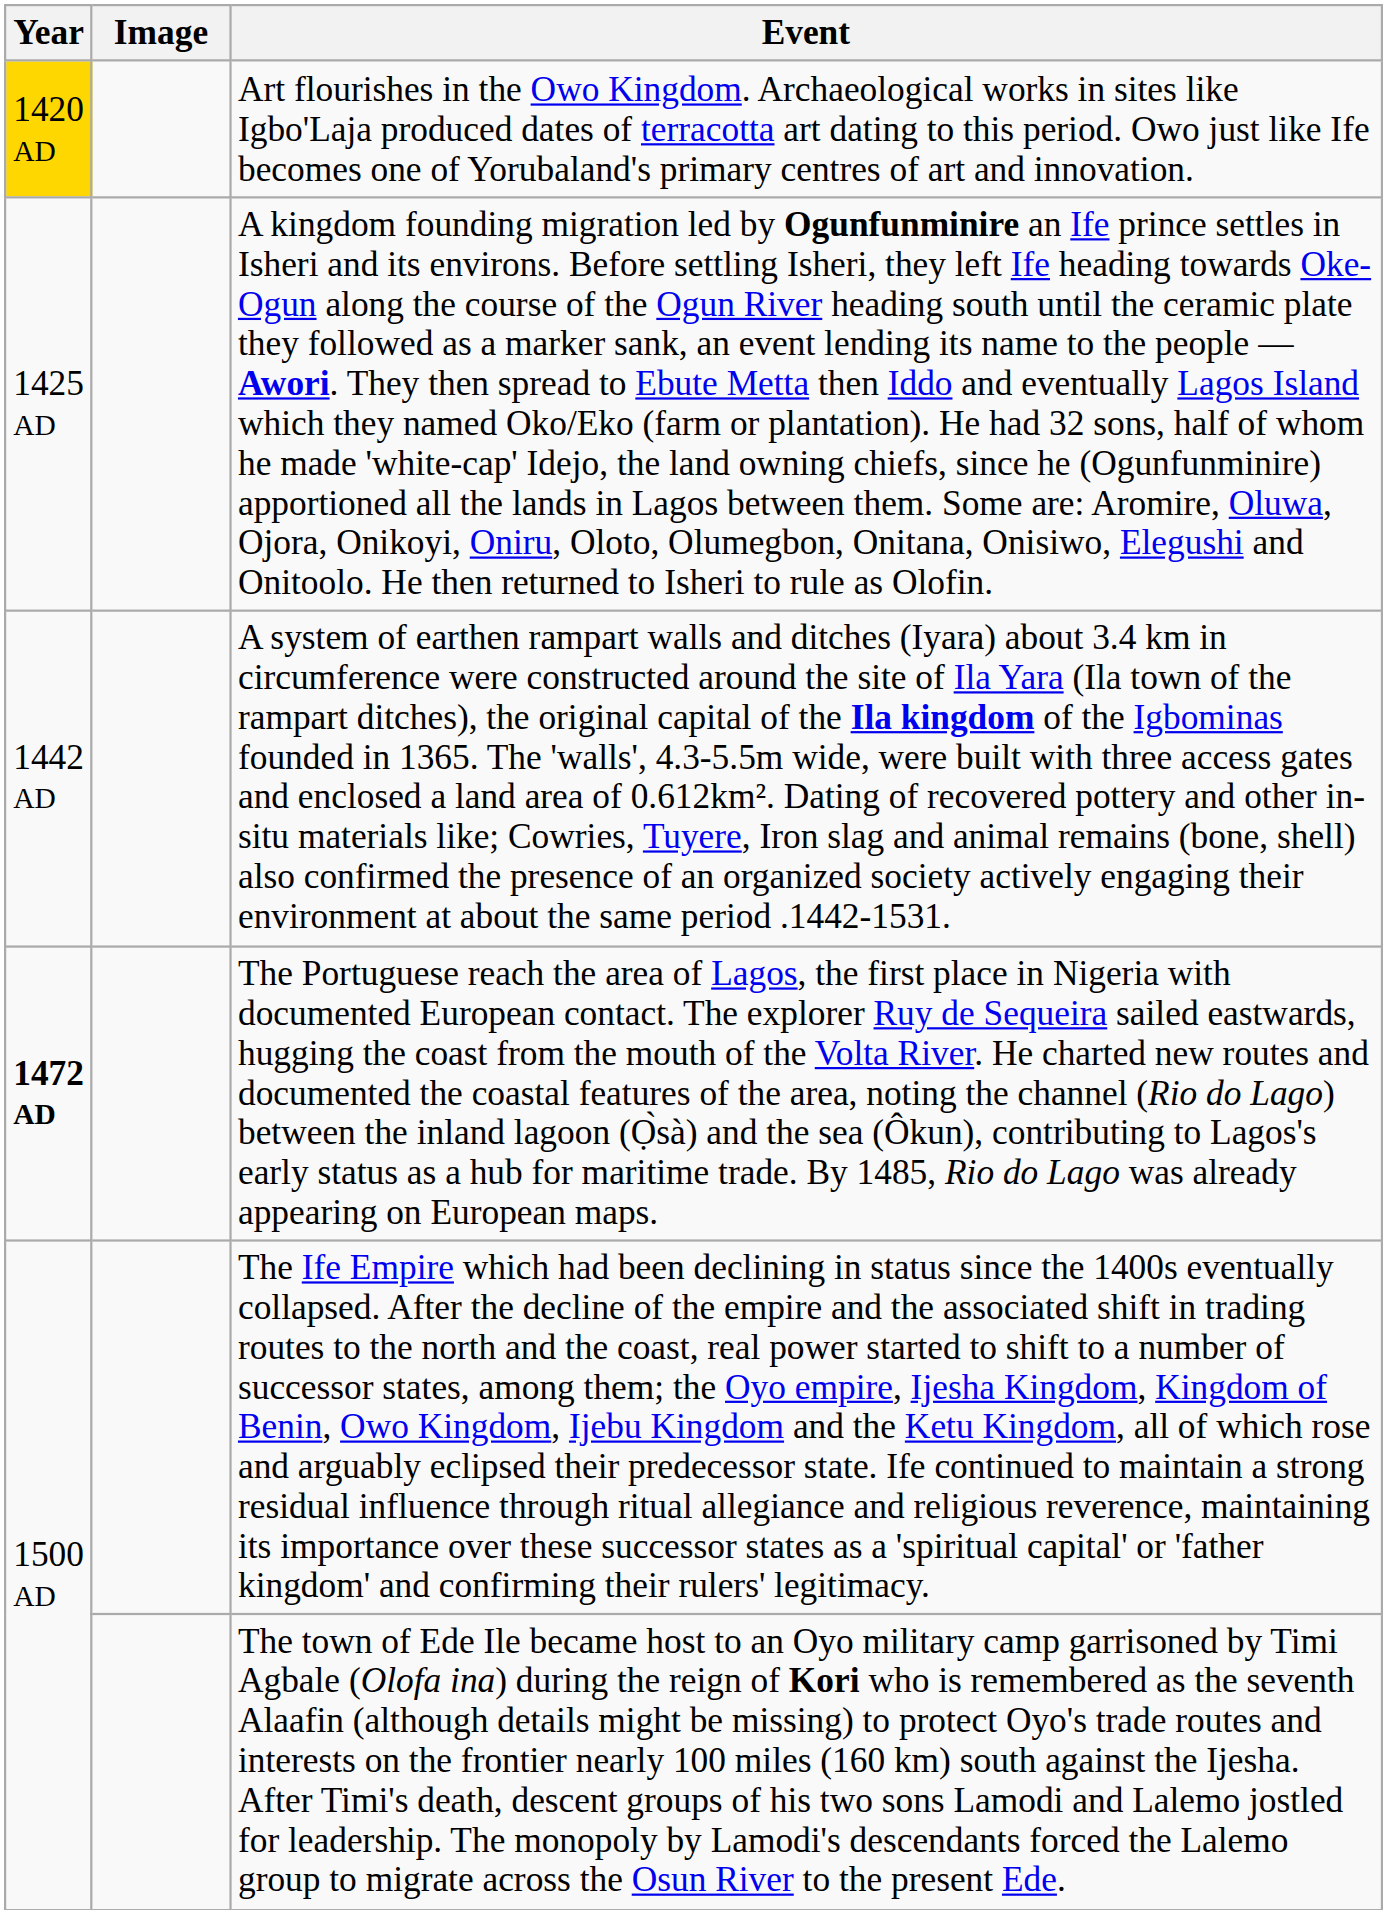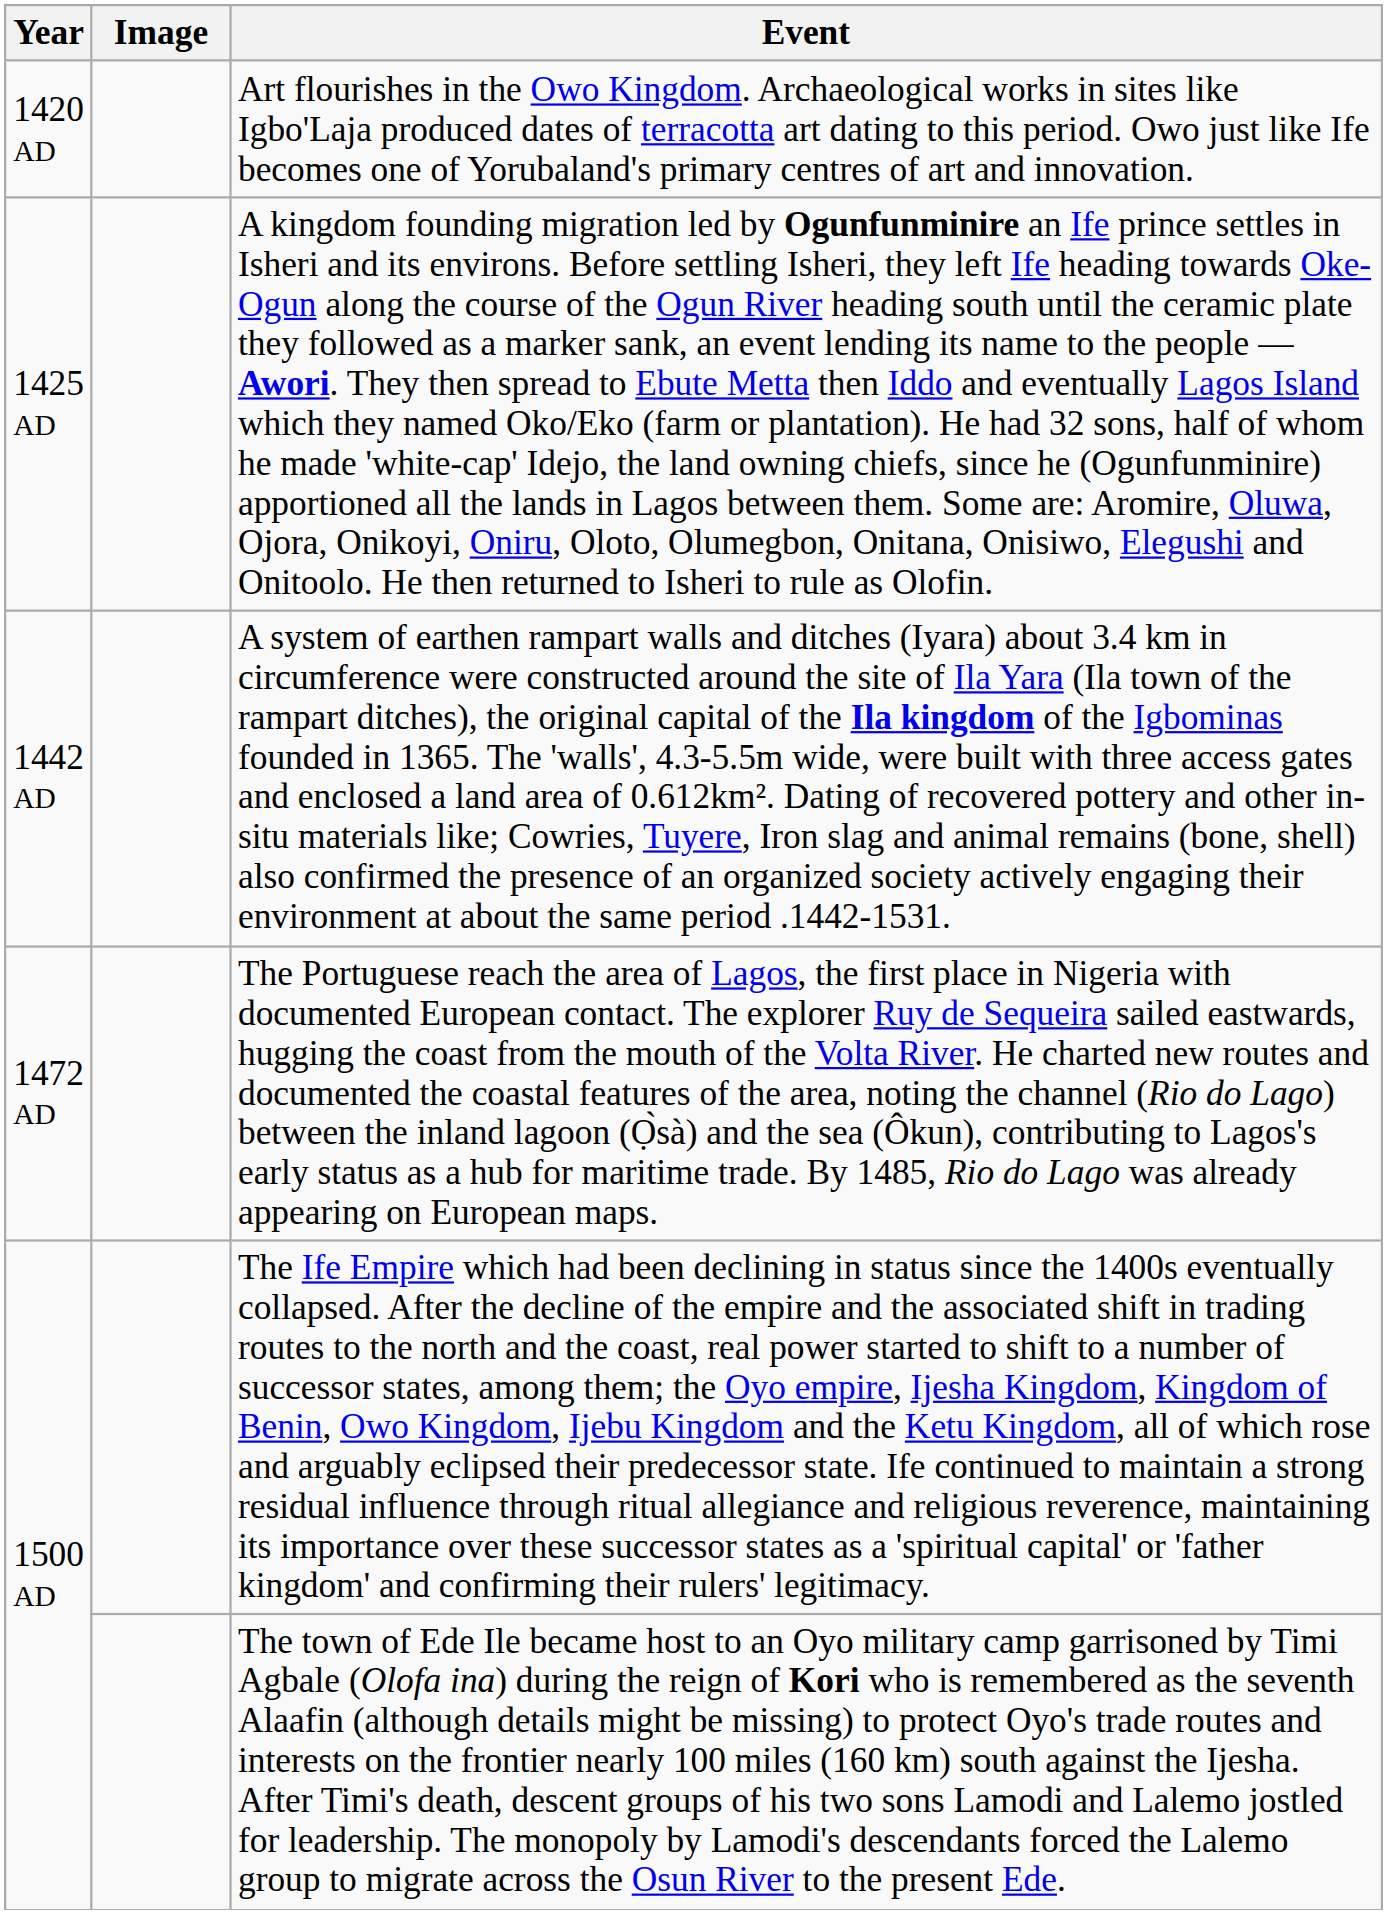 <table class="wikitable" width="100%">
 <tr>
 <th style="width:6%">Year</th>
 <th style="width:10%">Image</th>
 <th>Event</th>
 </tr>
 <tr>
-<td style="background: gold;">1420 <small>AD</small></td>
+<td>1420 <small>AD</small></td>
 <td></td>
 <td>Art flourishes in the <a href='#'>Owo Kingdom</a>. Archaeological works in sites like Igbo'Laja produced dates of <a href='#'>terracotta</a> art dating to this period. Owo just like Ife becomes one of Yorubaland's primary centres of art and innovation.</td>
 </tr>
 <tr>
 <td>1425 <small>AD</small></td>
 <td></td>
 <td>A kingdom founding migration led by <strong>Ogunfunminire</strong> an <a href='#'>Ife</a> prince settles in Isheri and its environs. Before settling Isheri, they left <a href='#'>Ife</a> heading towards <a href='#'>Oke-Ogun</a> along the course of the <a href='#'>Ogun River</a> heading south until the ceramic plate they followed as a marker sank, an event lending its name to the people — <strong><a href='#'>Awori</a></strong>. They then spread to <a href='#'>Ebute Metta</a> then <a href='#'>Iddo</a> and eventually <a href='#'>Lagos Island</a> which they named Oko/Eko (farm or plantation). He had 32 sons, half of whom he made 'white-cap' Idejo, the land owning chiefs, since he (Ogunfunminire) apportioned all the lands in Lagos between them. Some are: Aromire, <a href='#'>Oluwa</a>, Ojora, Onikoyi, <a href='#'>Oniru</a>, Oloto, Olumegbon, Onitana, Onisiwo, <a href='#'>Elegushi</a> and Onitoolo. He then returned to Isheri to rule as Olofin.</td>
 </tr>
 <tr>
 <td>1442 <small>AD</small></td>
 <td></td>
 <td>A system of earthen rampart walls and ditches (Iyara) about 3.4 km in circumference were constructed around the site of <a href='#'>Ila Yara</a> (Ila town of the rampart ditches), the original capital of the <strong><a href='#'>Ila kingdom</a></strong> of the <a href='#'>Igbominas</a> founded in 1365. The 'walls', 4.3-5.5m wide, were built with three access gates and enclosed a land area of 0.612km². Dating of recovered pottery and other in-situ materials like; Cowries, <a href='#'>Tuyere</a>, Iron slag and animal remains (bone, shell) also confirmed the presence of an organized society actively engaging their environment at about the same period .1442-1531.</td>
 </tr>
 <tr>
-<td><strong>1472 <small>AD</small></strong></td>
+<td>1472 <small>AD</small></td>
 <td></td>
 <td>The Portuguese reach the area of <a href='#'>Lagos</a>, the first place in Nigeria with documented European contact. The explorer <a href='#'>Ruy de Sequeira</a> sailed eastwards, hugging the coast from the mouth of the <a href='#'>Volta River</a>. He charted new routes and documented the coastal features of the area, noting the channel (<em>Rio do Lago</em>) between the inland lagoon (Ọ̀sà) and the sea (Ôkun), contributing to Lagos's early status as a hub for maritime trade. By 1485, <em>Rio do Lago</em> was already appearing on European maps.</td>
 </tr>
 <tr>
 <td rowspan="2" valign="middle">1500 <small>AD</small></td>
 <td></td>
 <td>The <a href='#'>Ife Empire</a> which had been declining in status since the 1400s eventually collapsed. After the decline of the empire and the associated shift in trading routes to the north and the coast, real power started to shift to a number of successor states, among them; the <a href='#'>Oyo empire</a>, <a href='#'>Ijesha Kingdom</a>, <a href='#'>Kingdom of Benin</a>, <a href='#'>Owo Kingdom</a>, <a href='#'>Ijebu Kingdom</a> and the <a href='#'>Ketu Kingdom</a>, all of which rose and arguably eclipsed their predecessor state. Ife continued to maintain a strong residual influence through ritual allegiance and religious reverence, maintaining its importance over these successor states as a 'spiritual capital' or 'father kingdom' and confirming their rulers' legitimacy.</td>
 </tr>
 <tr>
 <td></td>
 <td>The town of Ede Ile became host to an Oyo military camp garrisoned by Timi Agbale (<em>Olofa ina</em>) during the reign of <strong>Kori</strong> who is remembered as the seventh Alaafin (although details might be missing) to protect Oyo's trade routes and interests on the frontier nearly 100 miles (160 km) south against the Ijesha. After Timi's death, descent groups of his two sons Lamodi and Lalemo jostled for leadership. The monopoly by Lamodi's descendants forced the Lalemo group to migrate across the <a href='#'>Osun River</a> to the present <a href='#'>Ede</a>.</td>
 </tr>
 </table>
